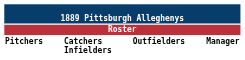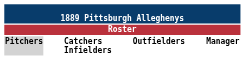 <table class="toccolours" style="font-size: 95%;">
 <tr>
 <th colspan="10" style="background-color: #083c6b; color: #FFFFFF; text-align: center;"><br>1889 Pittsburgh Alleghenys</th>
 </tr>
 <tr>
 <td colspan="10" style="background-color: #ba313c; color: white; text-align: center;"><strong>Roster</strong></td>
 </tr>
 <tr>
-<td valign="top"><strong>Pitchers</strong><br>         </td>
+<td valign="top" style="background: lightgrey;"><strong>Pitchers</strong><br>         </td>
 <td width="25px"></td>
 <td valign="top"><strong>Catchers</strong><br>   <strong>Infielders</strong>     </td>
 <td width="25px"></td>
 <td valign="top"><strong>Outfielders</strong><br>    </td>
 <td width="25px"></td>
 <td valign="top"><strong>Manager</strong><br>  </td>
 </tr>
 </table>
